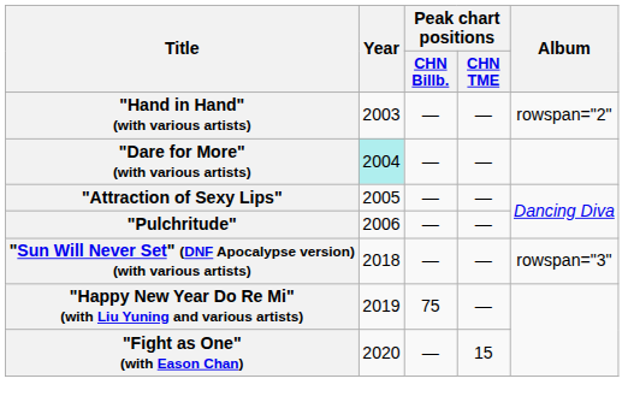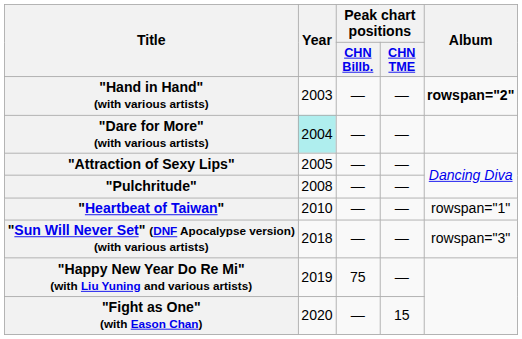 <table class="wikitable plainrowheaders" style="text-align:center;">
 <tr>
 <th rowspan="2" scope="col">Title</th>
 <th rowspan="2" scope="col">Year</th>
 <th colspan="2">Peak chart positions</th>
 <th rowspan="2" scope="col">Album</th>
 </tr>
 <tr>
 <th scope="col" style="width:3em;font-size:90%;"><a href='#'>CHN Billb.</a><br></th>
 <th scope="col" style="width:3em;font-size:90%;"><a href='#'>CHN TME</a><br></th>
 </tr>
 <tr>
 <th scope="row">"Hand in Hand"<br><small>(with various artists)</small></th>
 <td>2003</td>
 <td>—</td>
 <td>—</td>
-<td>rowspan="2" </td>
+<td><strong>rowspan="2" </strong></td>
 </tr>
 <tr>
 <th scope="row">"Dare for More"<br><small>(with various artists)</small></th>
 <td style="background: paleturquoise;">2004</td>
 <td>—</td>
 <td>—</td>
 </tr>
 <tr>
 <th scope="row">"Attraction of Sexy Lips"</th>
 <td>2005</td>
 <td>—</td>
 <td>—</td>
 <td rowspan="2"><em><a href='#'>Dancing Diva</a></em></td>
 </tr>
 <tr>
 <th scope="row">"Pulchritude"</th>
-<td>2006</td>
+<td>2008</td>
 <td>—</td>
 <td>—</td>
+</tr>
+<tr>
+<th scope="row">"<a href='#'>Heartbeat of Taiwan</a>"</th>
+<td>2010</td>
+<td>—</td>
+<td>—</td>
+<td>rowspan="1" </td>
 </tr>
 <tr>
 <th scope="row">"<a href='#'>Sun Will Never Set</a>" <small>(<a href='#'>DNF</a> Apocalypse version)</small><br><small>(with various artists)</small></th>
 <td>2018</td>
 <td>—</td>
 <td>—</td>
 <td>rowspan="3" </td>
 </tr>
 <tr>
 <th scope="row">"Happy New Year Do Re Mi"<br><small>(with <a href='#'>Liu Yuning</a> and various artists)</small></th>
 <td>2019</td>
 <td>75</td>
 <td>—</td>
 </tr>
 <tr>
 <th scope="row">"Fight as One"<br><small>(with <a href='#'>Eason Chan</a>)</small></th>
 <td>2020</td>
 <td>—</td>
 <td>15</td>
 </tr>
 </table>
